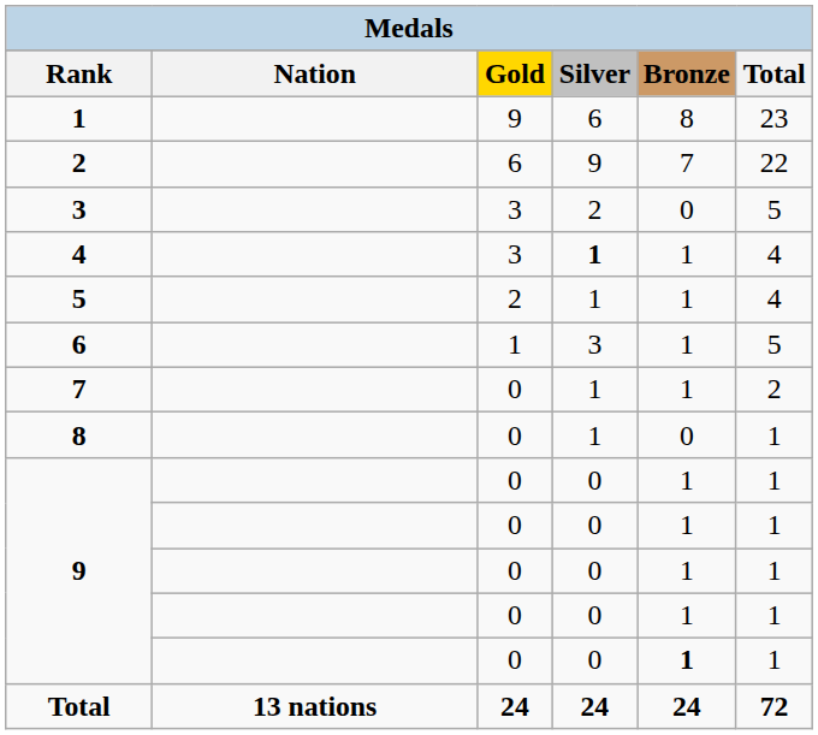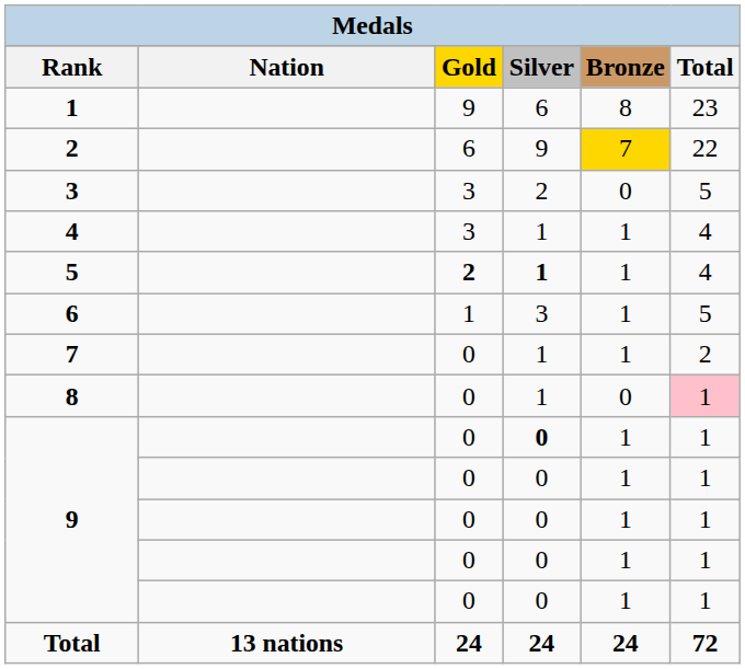 <table class="wikitable" style="text-align:center">
 <tr>
 <td colspan="6" style="background:#BCD4E6"><strong>Medals</strong></td>
 </tr>
 <tr>
 </tr>
 <tr style="background-color:#EDEDED;">
 <th width="75px" class="hintergrundfarbe5">Rank</th>
 <th width="175px" class="hintergrundfarbe6">Nation</th>
 <th style="background:    gold; width:35px ">Gold</th>
 <th style="background:  silver; width:35px ">Silver</th>
 <th style="background: #CC9966; width:35px ">Bronze</th>
 <th width="35px">Total</th>
 </tr>
 <tr>
 <td><strong>1</strong></td>
 <td align=left></td>
 <td>9</td>
 <td>6</td>
 <td>8</td>
 <td>23</td>
 </tr>
 <tr>
 <td><strong>2</strong></td>
 <td align=left></td>
 <td>6</td>
 <td>9</td>
-<td>7</td>
+<td style="background: gold;">7</td>
 <td>22</td>
 </tr>
 <tr>
 <td><strong>3</strong></td>
 <td align=left></td>
 <td>3</td>
 <td>2</td>
 <td>0</td>
 <td>5</td>
 </tr>
 <tr>
 <td><strong>4</strong></td>
 <td align="left"></td>
 <td>3</td>
-<td><strong>1</strong></td>
+<td>1</td>
 <td>1</td>
 <td>4</td>
 </tr>
 <tr>
 <td><strong>5</strong></td>
 <td align="left"><em></em></td>
-<td>2</td>
-<td>1</td>
+<td><strong>2</strong></td>
+<td><strong>1</strong></td>
 <td>1</td>
 <td>4</td>
 </tr>
 <tr>
 <td><strong>6</strong></td>
 <td align=left></td>
 <td>1</td>
 <td>3</td>
 <td>1</td>
 <td>5</td>
 </tr>
 <tr>
 <td><strong>7</strong></td>
 <td align=left></td>
 <td>0</td>
 <td>1</td>
 <td>1</td>
 <td>2</td>
 </tr>
 <tr>
 <td><strong>8</strong></td>
 <td align=left></td>
 <td>0</td>
 <td>1</td>
 <td>0</td>
-<td>1</td>
+<td style="background: pink;">1</td>
 </tr>
 <tr>
 <td rowspan="5"><strong>9</strong></td>
 <td align=left><em></em></td>
 <td>0</td>
-<td>0</td>
+<td><strong>0</strong></td>
 <td>1</td>
 <td>1</td>
 </tr>
 <tr>
 <td align=left></td>
 <td>0</td>
 <td>0</td>
 <td>1</td>
 <td>1</td>
 </tr>
 <tr>
 <td align=left></td>
 <td>0</td>
 <td>0</td>
 <td>1</td>
 <td>1</td>
 </tr>
 <tr>
 <td align=left></td>
 <td>0</td>
 <td>0</td>
 <td>1</td>
 <td>1</td>
 </tr>
 <tr>
 <td align=left></td>
 <td>0</td>
 <td>0</td>
-<td><strong>1</strong></td>
+<td>1</td>
 <td>1</td>
 </tr>
 <tr>
 <td><strong>Total</strong></td>
 <td><strong>13 nations</strong></td>
 <td><strong>24</strong></td>
 <td><strong>24</strong></td>
 <td><strong>24</strong></td>
 <td><strong>72</strong></td>
 </tr>
 </table>
